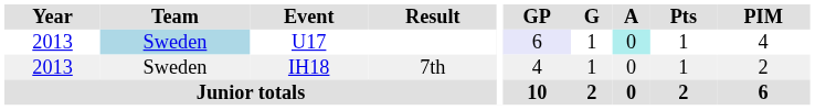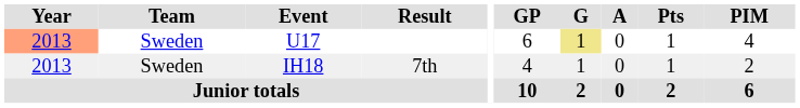 <table border="0" cellpadding="1" cellspacing="0" ID="Table3" style="text-align:center; width:40em">
 <tr style="text-align:center; background:#e0e0e0;">
 <th>Year</th>
 <th>Team</th>
 <th>Event</th>
 <th>Result</th>
 <th rowspan="99" style="background:#fff;"></th>
 <th>GP</th>
 <th>G</th>
 <th>A</th>
 <th>Pts</th>
 <th>PIM</th>
 </tr>
 <tr>
-<td><a href='#'>2013</a></td>
-<td style="background: lightblue;"><a href='#'>Sweden</a></td>
+<td style="background: lightsalmon;"><a href='#'>2013</a></td>
+<td><a href='#'>Sweden</a></td>
 <td><a href='#'>U17</a></td>
 <td></td>
-<td style="background: lavender;">6</td>
-<td>1</td>
-<td style="background: paleturquoise;">0</td>
+<td>6</td>
+<td style="background: khaki;">1</td>
+<td>0</td>
 <td>1</td>
 <td>4</td>
 </tr>
 <tr style="background:#f0f0f0;">
 <td><a href='#'>2013</a></td>
 <td>Sweden</td>
 <td><a href='#'>IH18</a></td>
 <td>7th</td>
 <td>4</td>
 <td>1</td>
 <td>0</td>
 <td>1</td>
 <td>2</td>
 </tr>
 <tr style="background:#e0e0e0;">
 <th colspan="4">Junior totals</th>
 <th>10</th>
 <th>2</th>
 <th>0</th>
 <th>2</th>
 <th>6</th>
 </tr>
 </table>
